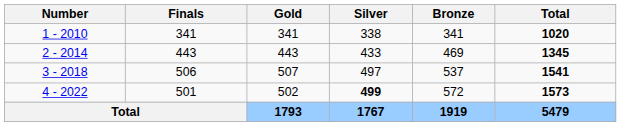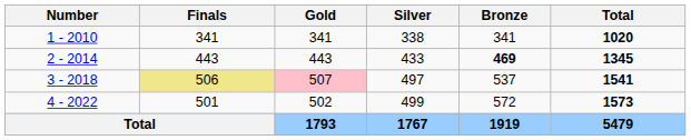 <table class="wikitable" style="font-size:100%">
 <tr>
 <th width=150>Number</th>
 <th width=150>Finals</th>
 <th width=100>Gold</th>
 <th width=100>Silver</th>
 <th width=100>Bronze</th>
 <th width=150>Total</th>
 </tr>
 <tr>
 <td align=center><a href='#'>1 - 2010</a></td>
 <td align=center>341</td>
 <td align=center>341</td>
 <td align=center>338</td>
 <td align=center>341</td>
 <td align=center><strong>1020</strong></td>
 </tr>
 <tr>
 <td align=center><a href='#'>2 - 2014</a></td>
 <td align=center>443</td>
 <td align=center>443</td>
 <td align=center>433</td>
-<td align=center>469</td>
+<td align=center><strong>469</strong></td>
 <td align=center><strong>1345</strong></td>
 </tr>
 <tr>
 <td align=center><a href='#'>3 - 2018</a></td>
-<td align=center>506</td>
-<td align=center>507</td>
+<td align=center style="background: khaki;">506</td>
+<td align=center style="background: pink;">507</td>
 <td align=center>497</td>
 <td align=center>537</td>
 <td align=center><strong>1541</strong></td>
 </tr>
 <tr>
 <td align=center><a href='#'>4 - 2022</a></td>
 <td align=center>501</td>
 <td align=center>502</td>
-<td align=center><strong>499</strong></td>
+<td align=center>499</td>
 <td align=center>572</td>
 <td align=center><strong>1573</strong></td>
 </tr>
 <tr style="background:#9acdff;">
 <th colspan=2>Total</th>
 <td align=center><strong>1793</strong></td>
 <td align=center><strong>1767</strong></td>
 <td align=center><strong>1919</strong></td>
 <td align=center><strong>5479</strong></td>
 </tr>
 </table>
